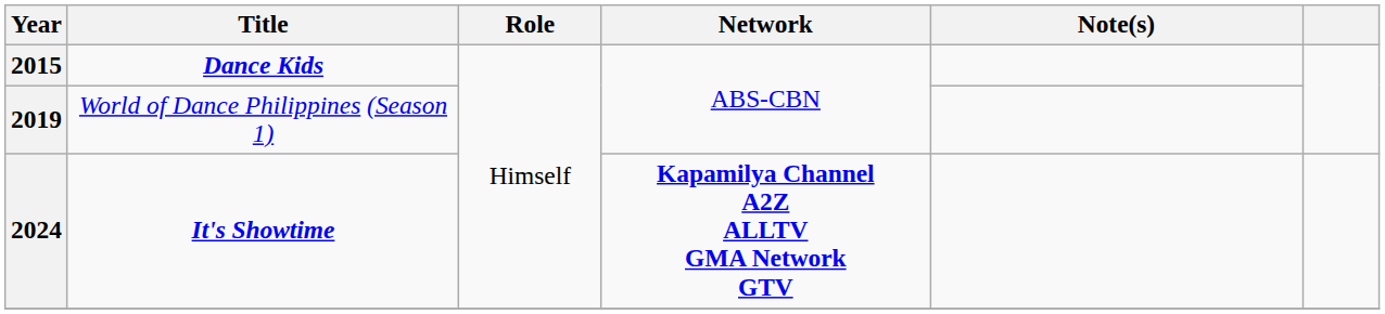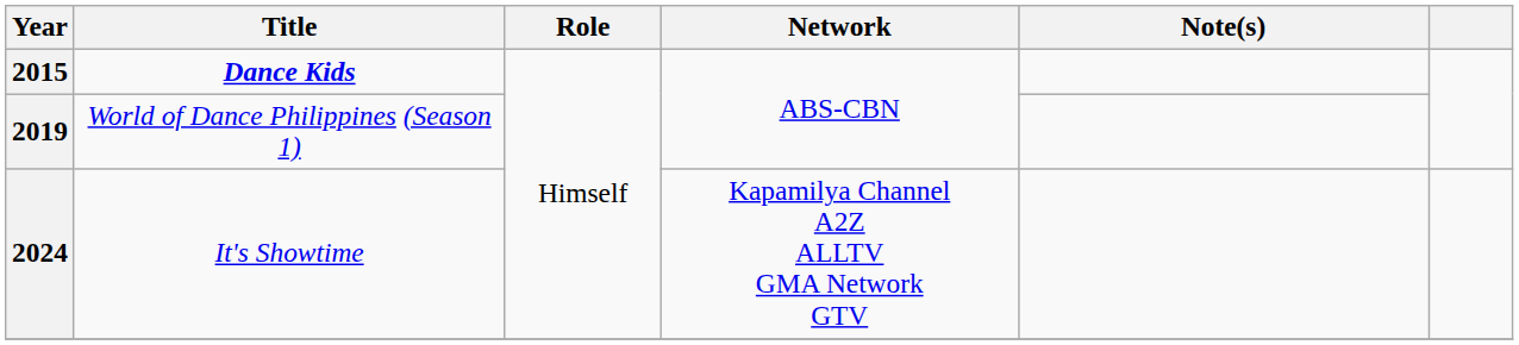 <table class="wikitable sortable" style=text-align:center;">
 <tr>
 <th style="width:1em;" scope="col">Year</th>
 <th style="width:25em;" scope="col">Title</th>
 <th style="width:7em;" scope="col">Role</th>
 <th style="width:20em;" scope="col">Network</th>
 <th style="width:25em;" scope="col">Note(s)</th>
 <th style="width:5em;" scope="col"></th>
 </tr>
 <tr>
 <th>2015</th>
 <td><strong><em><a href='#'>Dance Kids</a></em></strong></td>
 <td rowspan="3">Himself</td>
 <td rowspan="2"><a href='#'>ABS-CBN</a></td>
 <td></td>
 <td rowspan="2"></td>
 </tr>
 <tr>
 <th>2019</th>
 <td><em><a href='#'>World of Dance Philippines</a></em> <em><a href='#'>(Season 1)</a></em></td>
 <td></td>
 </tr>
 <tr>
 <th>2024</th>
-<td><strong><em><a href='#'>It's Showtime</a></em></strong></td>
-<td><strong><a href='#'>Kapamilya Channel</a> <br> <a href='#'>A2Z</a> <br> <a href='#'>ALLTV</a> <br> <a href='#'>GMA Network</a> <br> <a href='#'>GTV</a></strong></td>
+<td><em><a href='#'>It's Showtime</a></em></td>
+<td><a href='#'>Kapamilya Channel</a> <br> <a href='#'>A2Z</a> <br> <a href='#'>ALLTV</a> <br> <a href='#'>GMA Network</a> <br> <a href='#'>GTV</a></td>
 <td></td>
 <td></td>
 </tr>
 <tr>
 </tr>
 </table>
